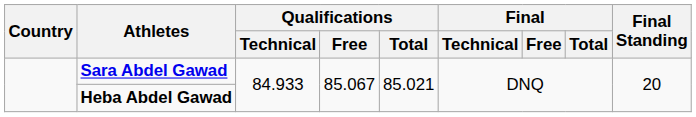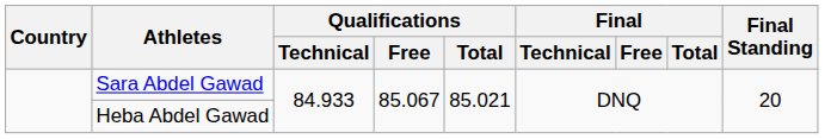 <table class="wikitable " style="text-align:center">
 <tr>
 <th rowspan="2">Country</th>
 <th rowspan="2">Athletes</th>
 <th colspan="3">Qualifications</th>
 <th colspan="3">Final</th>
 <th rowspan="2">Final<br>Standing</th>
 </tr>
 <tr>
 <th>Technical</th>
 <th>Free</th>
 <th>Total</th>
 <th>Technical</th>
 <th>Free</th>
 <th>Total</th>
 </tr>
 <tr>
 <td rowspan="2"></td>
-<td align="left"><strong><a href='#'>Sara Abdel Gawad</a></strong></td>
+<td align="left"><a href='#'>Sara Abdel Gawad</a></td>
 <td rowspan="2">84.933</td>
 <td rowspan="2">85.067</td>
 <td rowspan="2">85.021</td>
 <td colspan="3" rowspan="2">DNQ</td>
 <td rowspan="2">20</td>
 </tr>
 <tr>
-<td align="left"><strong>Heba Abdel Gawad</strong></td>
+<td align="left">Heba Abdel Gawad</td>
 </tr>
 </table>
